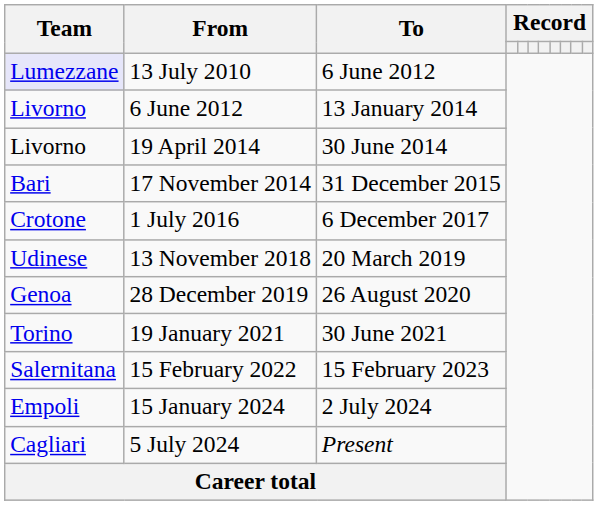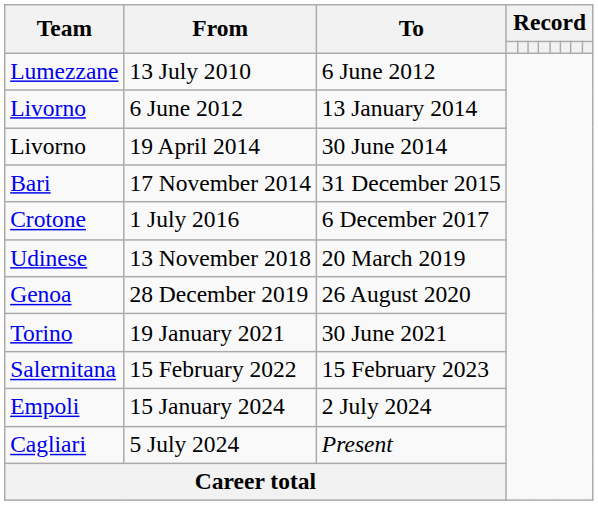 <table class="wikitable" style="text-align: center">
 <tr>
 <th rowspan="2">Team</th>
 <th rowspan="2">From</th>
 <th rowspan="2">To</th>
 <th colspan="8">Record</th>
 </tr>
 <tr>
 <th></th>
 <th></th>
 <th></th>
 <th></th>
 <th></th>
 <th></th>
 <th></th>
 <th></th>
 </tr>
 <tr>
-<td align="left" style="background: lavender;"><a href='#'>Lumezzane</a></td>
+<td align="left"><a href='#'>Lumezzane</a></td>
 <td align=left>13 July 2010</td>
 <td align=left>6 June 2012<br></td>
 </tr>
 <tr>
 <td align="left"><a href='#'>Livorno</a></td>
 <td align=left>6 June 2012</td>
 <td align=left>13 January 2014<br></td>
 </tr>
 <tr>
 <td align="left">Livorno</td>
 <td align=left>19 April 2014</td>
 <td align=left>30 June 2014<br></td>
 </tr>
 <tr>
 <td align="left"><a href='#'>Bari</a></td>
 <td align=left>17 November 2014</td>
 <td align=left>31 December 2015<br></td>
 </tr>
 <tr>
 <td align="left"><a href='#'>Crotone</a></td>
 <td align=left>1 July 2016</td>
 <td align=left>6 December 2017<br></td>
 </tr>
 <tr>
 <td align="left"><a href='#'>Udinese</a></td>
 <td align=left>13 November 2018</td>
 <td align=left>20 March 2019<br></td>
 </tr>
 <tr>
 <td align="left"><a href='#'>Genoa</a></td>
 <td align=left>28 December 2019</td>
 <td align=left>26 August 2020<br></td>
 </tr>
 <tr>
 <td align="left"><a href='#'>Torino</a></td>
 <td align=left>19 January 2021</td>
 <td align=left>30 June 2021<br></td>
 </tr>
 <tr>
 <td align="left"><a href='#'>Salernitana</a></td>
 <td align=left>15 February 2022</td>
 <td align=left>15 February 2023<br></td>
 </tr>
 <tr>
 <td align="left"><a href='#'>Empoli</a></td>
 <td align=left>15 January 2024</td>
 <td align=left>2 July 2024<br></td>
 </tr>
 <tr>
 <td align=left><a href='#'>Cagliari</a></td>
 <td align=left>5 July 2024</td>
 <td align=left><em>Present</em><br></td>
 </tr>
 <tr>
 <th colspan="3">Career total<br></th>
 </tr>
 </table>
